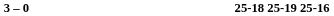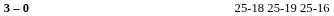 <table>
 <tr>
 <th width=200></th>
 <th width=80></th>
 <th width=200></th>
 <th width=220></th>
 </tr>
 <tr style=font-size:90%>
 <td align=right><strong></strong></td>
 <td align=center><strong>3 – 0</strong></td>
 <td></td>
-<td><strong>25-18 25-19 25-16</strong></td>
+<td>25-18 25-19 25-16</td>
 </tr>
 </table>
